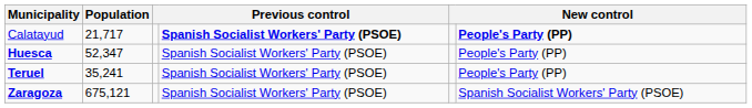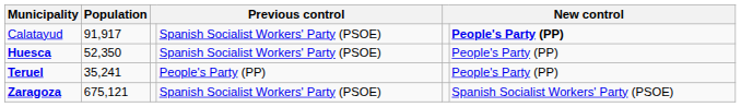 <table class="wikitable sortable">
 <tr>
 <th>Municipality</th>
 <th>Population</th>
 <th colspan="2" style="width:375px;">Previous control</th>
 <th colspan="2" style="width:375px;">New control</th>
 </tr>
 <tr>
 <td><a href='#'>Calatayud</a></td>
-<td>21,717</td>
+<td>91,917</td>
 <td width="1" style="color:inherit;background:"></td>
-<td><strong><a href='#'>Spanish Socialist Workers' Party</a> (PSOE)</strong></td>
+<td><a href='#'>Spanish Socialist Workers' Party</a> (PSOE)</td>
 <td width="1" style="color:inherit;background:"></td>
 <td><strong><a href='#'>People's Party</a> (PP)</strong></td>
 </tr>
 <tr>
 <td><strong><a href='#'>Huesca</a></strong></td>
-<td>52,347</td>
+<td>52,350</td>
 <td style="color:inherit;background:"></td>
 <td><a href='#'>Spanish Socialist Workers' Party</a> (PSOE)</td>
 <td style="color:inherit;background:"></td>
 <td><a href='#'>People's Party</a> (PP)</td>
 </tr>
 <tr>
 <td><strong><a href='#'>Teruel</a></strong></td>
 <td>35,241</td>
 <td style="color:inherit;background:"></td>
-<td><a href='#'>Spanish Socialist Workers' Party</a> (PSOE)</td>
+<td><a href='#'>People's Party</a> (PP)</td>
 <td style="color:inherit;background:"></td>
 <td><a href='#'>People's Party</a> (PP)</td>
 </tr>
 <tr>
 <td><strong><a href='#'>Zaragoza</a></strong></td>
 <td>675,121</td>
 <td style="color:inherit;background:"></td>
 <td><a href='#'>Spanish Socialist Workers' Party</a> (PSOE)</td>
 <td style="color:inherit;background:"></td>
 <td><a href='#'>Spanish Socialist Workers' Party</a> (PSOE)</td>
 </tr>
 </table>
